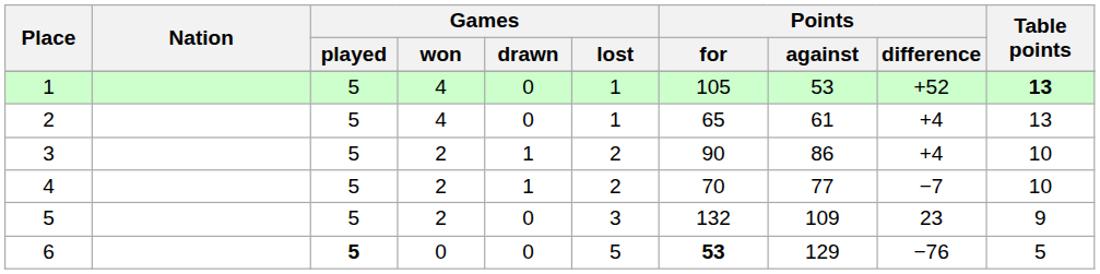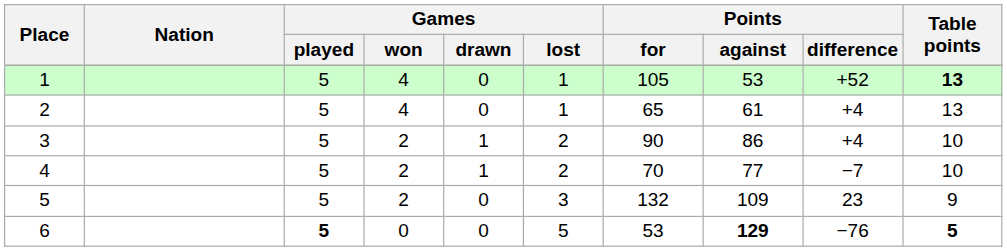 <table class="wikitable">
 <tr>
 <th rowspan=2 width="8%">Place</th>
 <th rowspan=2 width="20%">Nation</th>
 <th colspan=4 width="32%">Games</th>
 <th colspan=3 width="30%">Points</th>
 <th rowspan=2 width="10%">Table<br>points</th>
 </tr>
 <tr>
 <th width="8%">played</th>
 <th width="8%">won</th>
 <th width="8%">drawn</th>
 <th width="8%">lost</th>
 <th width="10%">for</th>
 <th width="10%">against</th>
 <th width="10%">difference</th>
 </tr>
 <tr>
 </tr>
 <tr bgcolor=#ccffcc align=center>
 <td>1</td>
 <td align=left></td>
 <td>5</td>
 <td>4</td>
 <td>0</td>
 <td>1</td>
 <td>105</td>
 <td>53</td>
 <td>+52</td>
 <td><strong>13</strong></td>
 </tr>
 <tr bgcolor=#ffffff align=center>
 <td>2</td>
 <td align=left></td>
 <td>5</td>
 <td>4</td>
 <td>0</td>
 <td>1</td>
 <td>65</td>
 <td>61</td>
 <td>+4</td>
 <td>13</td>
 </tr>
 <tr bgcolor=#ffffff align=center>
 <td>3</td>
 <td align=left></td>
 <td>5</td>
 <td>2</td>
 <td>1</td>
 <td>2</td>
 <td>90</td>
 <td>86</td>
 <td>+4</td>
 <td>10</td>
 </tr>
 <tr bgcolor=#ffffff align=center>
 <td>4</td>
 <td align=left></td>
 <td>5</td>
 <td>2</td>
 <td>1</td>
 <td>2</td>
 <td>70</td>
 <td>77</td>
 <td>−7</td>
 <td>10</td>
 </tr>
 <tr bgcolor=#ffffff align=center>
 <td>5</td>
 <td align=left></td>
 <td>5</td>
 <td>2</td>
 <td>0</td>
 <td>3</td>
 <td>132</td>
 <td>109</td>
 <td>23</td>
 <td>9</td>
 </tr>
 <tr bgcolor=#ffffff align=center>
 <td>6</td>
 <td align=left></td>
 <td><strong>5</strong></td>
 <td>0</td>
 <td>0</td>
 <td>5</td>
-<td><strong>53</strong></td>
-<td>129</td>
+<td>53</td>
+<td><strong>129</strong></td>
 <td>−76</td>
-<td>5</td>
+<td><strong>5</strong></td>
 </tr>
 </table>
